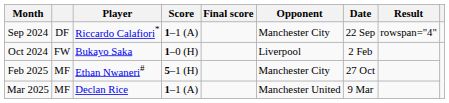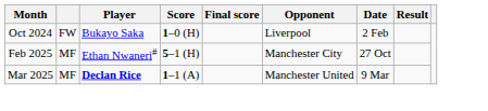 <table class="wikitable" style="text-align:center; font-size:85%;">
 <tr>
 <th>Month</th>
 <th></th>
 <th>Player</th>
 <th>Score</th>
 <th>Final score</th>
 <th>Opponent</th>
 <th>Date</th>
 <th>Result</th>
 <th></th>
-</tr>
-<tr>
-<td>Sep 2024</td>
-<td>DF</td>
-<td style="text-align:left;"> <a href='#'>Riccardo Calafiori</a><sup>*</sup></td>
-<td><strong>1</strong>–1 (A)</td>
-<td></td>
-<td style="text-align:left;">Manchester City</td>
-<td>22 Sep</td>
-<td>rowspan="4" </td>
-<td></td>
 </tr>
 <tr>
 <td>Oct 2024</td>
 <td>FW</td>
 <td style="text-align:left;"> <a href='#'>Bukayo Saka</a></td>
 <td><strong>1</strong>–0 (H)</td>
 <td></td>
 <td style="text-align:left;">Liverpool</td>
 <td>2 Feb</td>
 <td></td>
 </tr>
 <tr>
 <td>Feb 2025</td>
 <td>MF</td>
 <td style="text-align:left;"> <a href='#'>Ethan Nwaneri</a><sup>#</sup></td>
 <td><strong>5</strong>–1 (H)</td>
 <td></td>
 <td style="text-align:left;">Manchester City</td>
 <td>27 Oct</td>
 <td></td>
 </tr>
 <tr>
 <td>Mar 2025</td>
 <td>MF</td>
-<td style="text-align:left;"> <a href='#'>Declan Rice</a></td>
+<td style="text-align:left;"><strong> <a href='#'>Declan Rice</a></strong></td>
 <td><strong>1</strong>–1 (A)</td>
 <td></td>
 <td style="text-align:left;">Manchester United</td>
 <td>9 Mar</td>
 <td></td>
 </tr>
 </table>
